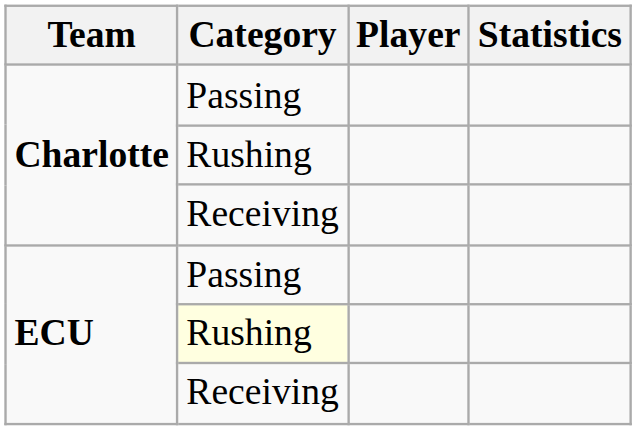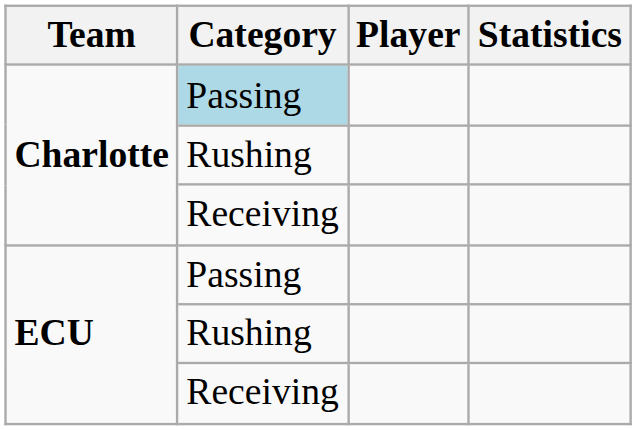 <table class="wikitable" style="float: right;">
 <tr>
 <th>Team</th>
 <th>Category</th>
 <th>Player</th>
 <th>Statistics</th>
 </tr>
 <tr>
 <td rowspan=3><strong>Charlotte</strong></td>
-<td>Passing</td>
+<td style="background: lightblue;">Passing</td>
 <td></td>
 <td></td>
 </tr>
 <tr>
 <td>Rushing</td>
 <td></td>
 <td></td>
 </tr>
 <tr>
 <td>Receiving</td>
 <td></td>
 <td></td>
 </tr>
 <tr>
 <td rowspan=3><strong>ECU</strong></td>
 <td>Passing</td>
 <td></td>
 <td></td>
 </tr>
 <tr>
-<td style="background: lightyellow;">Rushing</td>
+<td>Rushing</td>
 <td></td>
 <td></td>
 </tr>
 <tr>
 <td>Receiving</td>
 <td></td>
 <td></td>
 </tr>
 </table>
